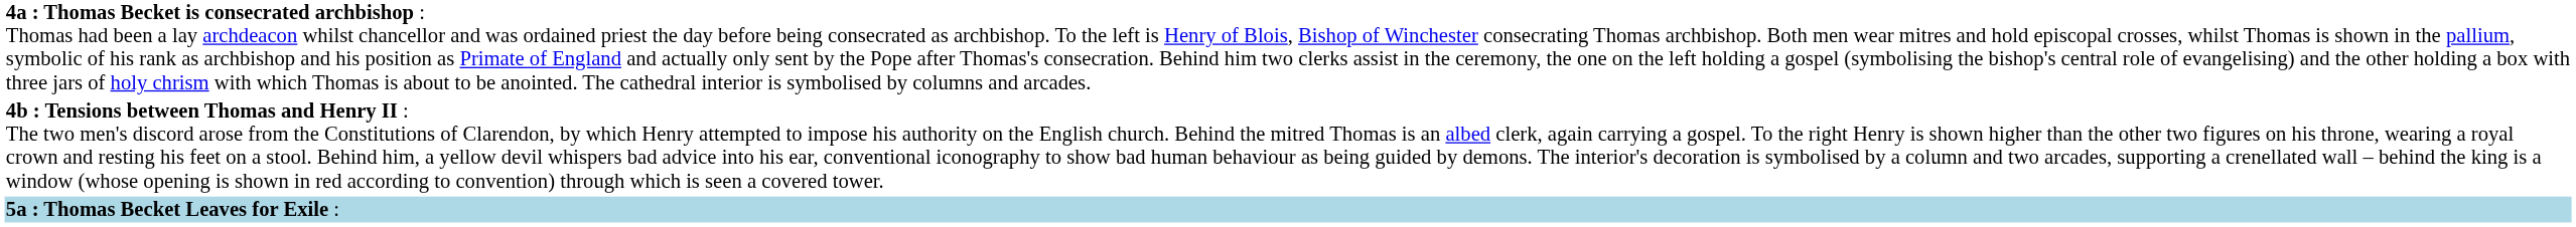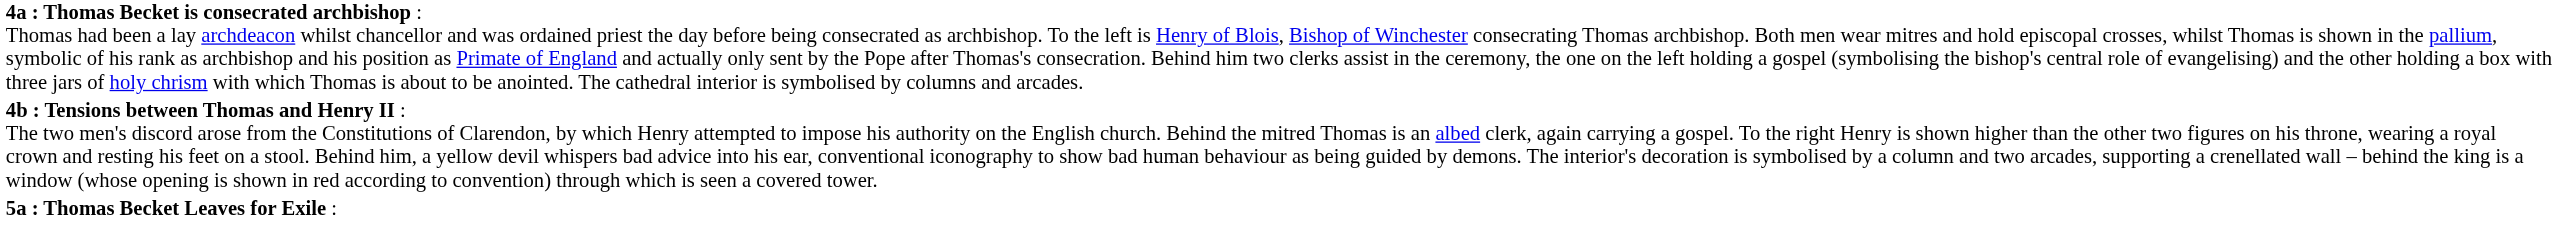 <table>
 <tr>
 <td><strong>4a : Thomas Becket is consecrated archbishop</strong> :<br>Thomas had been a lay <a href='#'>archdeacon</a> whilst chancellor and was ordained priest the day before being consecrated as archbishop. To the left is <a href='#'>Henry of Blois</a>, <a href='#'>Bishop of Winchester</a> consecrating Thomas archbishop. Both men wear mitres and hold episcopal crosses, whilst Thomas is shown in the <a href='#'>pallium</a>, symbolic of his rank as archbishop and his position as <a href='#'>Primate of England</a> and actually only sent by the Pope after Thomas's consecration. Behind him two clerks assist in the ceremony, the one on the left holding a gospel (symbolising the bishop's central role of evangelising) and the other holding a box with three jars of <a href='#'>holy chrism</a> with which Thomas is about to be anointed. The cathedral interior is symbolised by columns and arcades.</td>
 <td></td>
 </tr>
 <tr ---->
 <td><strong>4b : Tensions between Thomas and Henry II</strong> :<br>The two men's discord arose from the Constitutions of Clarendon, by which Henry attempted to impose his authority on the English church. Behind the mitred Thomas is an <a href='#'>albed</a> clerk, again carrying a gospel. To the right Henry is shown higher than the other two figures on his throne, wearing a royal crown and resting his feet on a stool. Behind him, a yellow devil whispers bad advice into his ear, conventional iconography to show bad human behaviour as being guided by demons. The interior's decoration is symbolised by a column and two arcades, supporting a crenellated wall – behind the king is a window (whose opening is shown in red according to convention) through which is seen a covered tower.</td>
 <td></td>
 </tr>
 <tr ---->
-<td style="background: lightblue;"><strong>5a : Thomas Becket Leaves for Exile</strong> :</td>
+<td><strong>5a : Thomas Becket Leaves for Exile</strong> :</td>
 </tr>
 </table>
